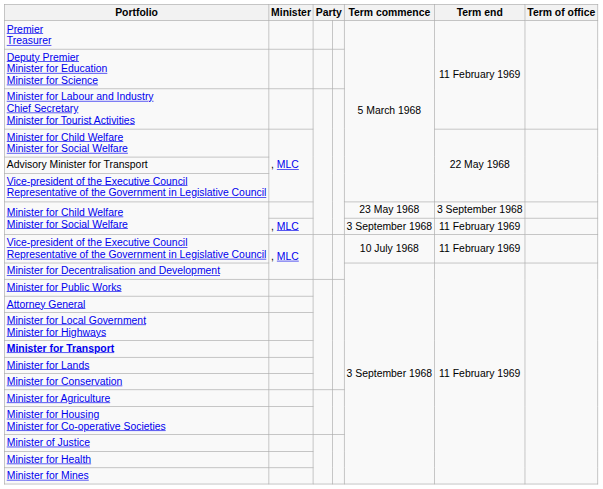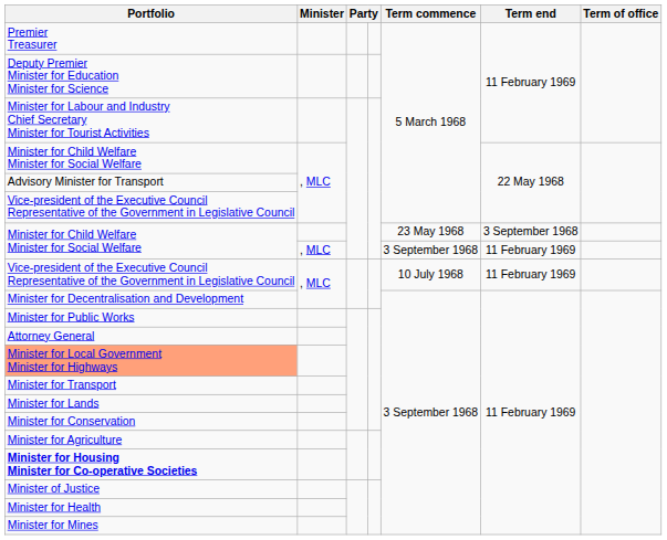 <table class="wikitable sortable">
 <tr>
 <th>Portfolio</th>
 <th>Minister</th>
 <th colspan=2>Party</th>
 <th>Term commence</th>
 <th>Term end</th>
 <th>Term of office</th>
 </tr>
 <tr>
 <td><a href='#'>Premier</a><br><a href='#'>Treasurer</a></td>
 <td></td>
 <td> </td>
 <td></td>
 <td rowspan="6" align=center>5 March 1968</td>
 <td rowspan=3 align=center>11 February 1969</td>
 <td rowspan=3 align=right></td>
 </tr>
 <tr>
 <td><a href='#'>Deputy Premier</a><br><a href='#'>Minister for Education</a><br><a href='#'>Minister for Science</a></td>
 <td></td>
 <td> </td>
 <td></td>
 </tr>
 <tr>
 <td><a href='#'>Minister for Labour and Industry</a><br><a href='#'>Chief Secretary</a><br><a href='#'>Minister for Tourist Activities</a></td>
 <td></td>
 <td rowspan="6" > </td>
 <td rowspan="6"></td>
 </tr>
 <tr>
 <td><a href='#'>Minister for Child Welfare</a><br><a href='#'>Minister for Social Welfare</a></td>
 <td rowspan=3>, <a href='#'>MLC</a></td>
 <td rowspan=3 align=center>22 May 1968</td>
 <td rowspan=3 align=right></td>
 </tr>
 <tr>
 <td>Advisory Minister for Transport</td>
 </tr>
 <tr>
 <td><a href='#'>Vice-president of the Executive Council</a><br><a href='#'>Representative of the Government in Legislative Council</a></td>
 </tr>
 <tr>
 <td rowspan="2"><a href='#'>Minister for Child Welfare</a><br><a href='#'>Minister for Social Welfare</a></td>
 <td></td>
 <td align=center>23 May 1968</td>
 <td align=center>3 September 1968</td>
 <td align=right></td>
 </tr>
 <tr>
 <td>, <a href='#'>MLC</a></td>
 <td align=center>3 September 1968</td>
 <td align=center>11 February 1969</td>
 <td align=right></td>
 </tr>
 <tr>
 <td><a href='#'>Vice-president of the Executive Council</a><br><a href='#'>Representative of the Government in Legislative Council</a></td>
 <td rowspan="2">, <a href='#'>MLC</a></td>
 <td rowspan=2 > </td>
 <td rowspan=2></td>
 <td align=center>10 July 1968</td>
 <td align=center>11 February 1969</td>
 <td align=right></td>
 </tr>
 <tr>
 <td><a href='#'>Minister for Decentralisation and Development</a></td>
 <td rowspan=12 align=center>3 September 1968</td>
 <td rowspan=12 align=center>11 February 1969</td>
 <td rowspan=12 align=right></td>
 </tr>
 <tr>
 <td><a href='#'>Minister for Public Works</a></td>
 <td></td>
 <td rowspan="6" > </td>
 <td rowspan="6"></td>
 </tr>
 <tr>
 <td><a href='#'>Attorney General</a></td>
 <td></td>
 </tr>
 <tr>
-<td><a href='#'>Minister for Local Government</a><br><a href='#'>Minister for Highways</a></td>
+<td style="background: lightsalmon;"><a href='#'>Minister for Local Government</a><br><a href='#'>Minister for Highways</a></td>
 <td></td>
 </tr>
 <tr>
-<td><strong><a href='#'>Minister for Transport</a></strong></td>
+<td><a href='#'>Minister for Transport</a></td>
 <td></td>
 </tr>
 <tr>
 <td><a href='#'>Minister for Lands</a></td>
 <td></td>
 </tr>
 <tr>
 <td><a href='#'>Minister for Conservation</a></td>
 <td></td>
 </tr>
 <tr>
 <td><a href='#'>Minister for Agriculture</a></td>
 <td></td>
 <td rowspan="2" > </td>
 <td rowspan="2"></td>
 </tr>
 <tr>
-<td><a href='#'>Minister for Housing</a><br><a href='#'>Minister for Co-operative Societies</a></td>
+<td><strong><a href='#'>Minister for Housing</a><br><a href='#'>Minister for Co-operative Societies</a></strong></td>
 <td></td>
 </tr>
 <tr>
 <td><a href='#'>Minister of Justice</a></td>
 <td></td>
 <td rowspan="3" > </td>
 <td rowspan="3"></td>
 </tr>
 <tr>
 <td><a href='#'>Minister for Health</a></td>
 <td></td>
 </tr>
 <tr>
 <td><a href='#'>Minister for Mines</a></td>
 <td></td>
 </tr>
 </table>
